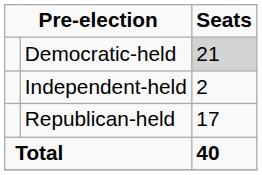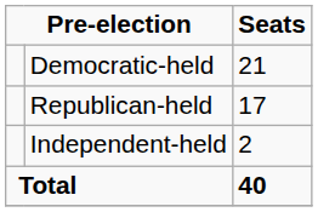 <table class="wikitable">
 <tr>
 <td colspan="2" rowspan="1" align="center" valign="top"><strong>Pre-election</strong></td>
 <td valign="top"><strong>Seats</strong><br></td>
 </tr>
 <tr>
 <td style="background-color:"> </td>
 <td>Democratic-held</td>
-<td style="background: lightgrey;">21</td>
+<td>21</td>
+</tr>
+<tr>
+<td style="background-color:"> </td>
+<td>Republican-held</td>
+<td>17</td>
 </tr>
 <tr>
 <td style="background-color:"> </td>
 <td>Independent-held</td>
 <td>2</td>
-</tr>
-<tr>
-<td style="background-color:"> </td>
-<td>Republican-held</td>
-<td>17</td>
 </tr>
 <tr>
 <td colspan="2" rowspan="1"> <strong>Total</strong><br></td>
 <td><strong>40</strong></td>
 </tr>
 <tr>
 </tr>
 </table>
